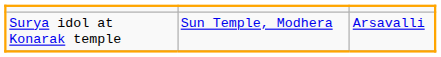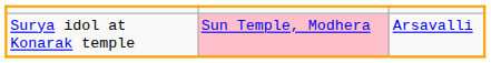 <table class="wikitable" align="right" width="30%" style="font-size:90%; border:2px solid orange;">
 <tr>
 <td width="40%" align="center" valign="center"></td>
 <td width="40%" align="center" valign="center"></td>
 <td width="40%" align="center" valign="center"></td>
 </tr>
 <tr>
 <td valign="top"><a href='#'>Surya</a> idol at <a href='#'>Konarak</a> temple</td>
-<td valign="top"><a href='#'>Sun Temple, Modhera</a></td>
+<td valign="top" style="background: pink;"><a href='#'>Sun Temple, Modhera</a></td>
 <td valign="top"><a href='#'>Arsavalli</a></td>
 </tr>
 <tr>
 </tr>
 </table>
